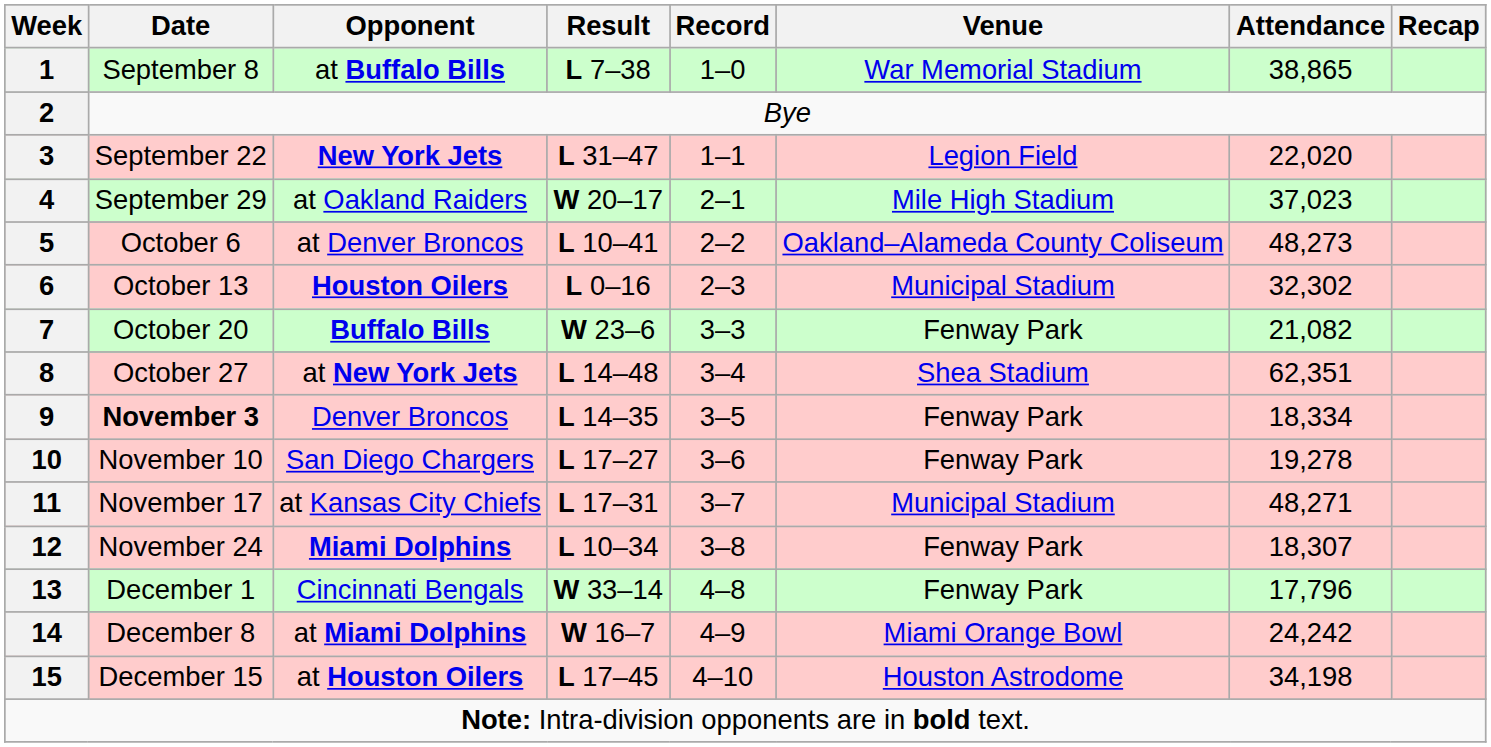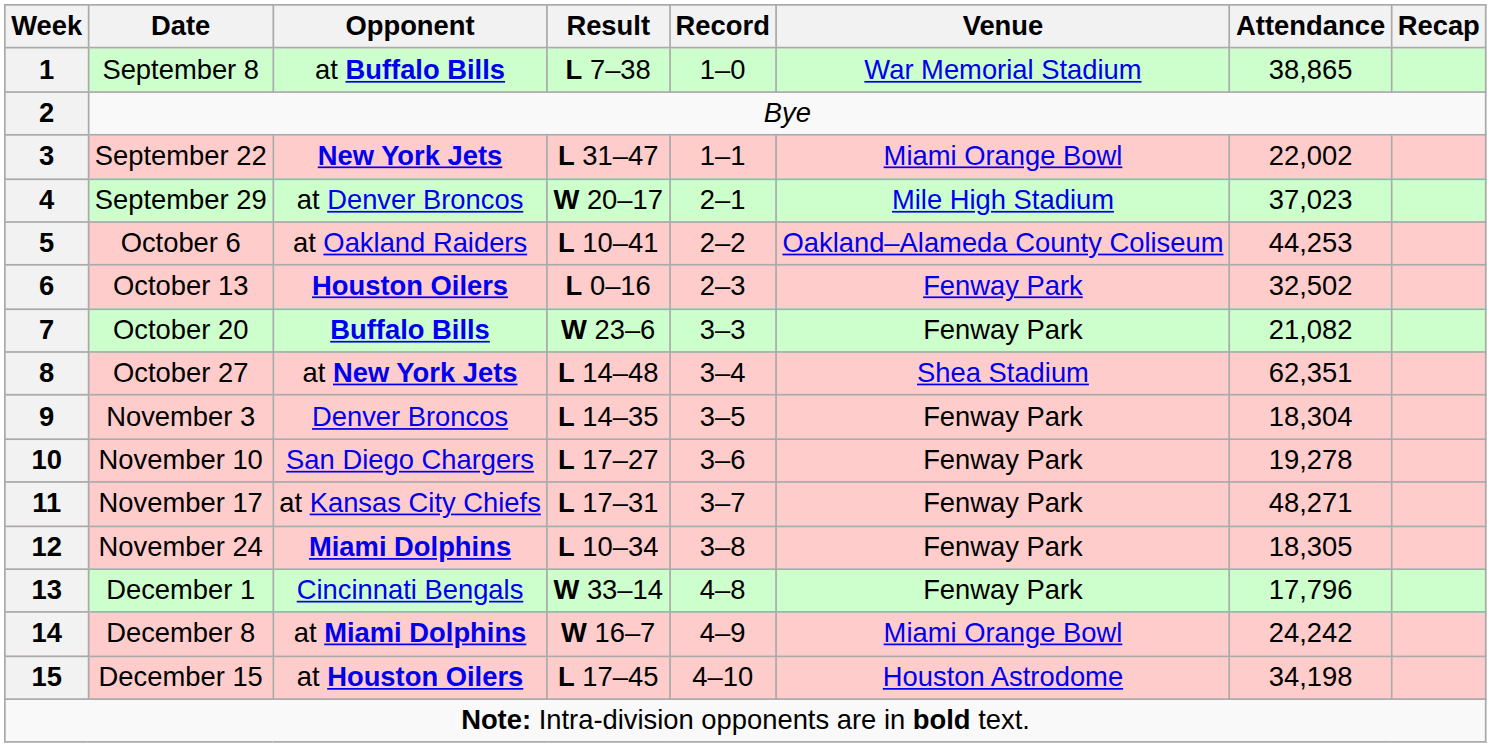 <table class="wikitable" style="text-align:center">
 <tr>
 <th>Week</th>
 <th>Date</th>
 <th>Opponent</th>
 <th>Result</th>
 <th>Record</th>
 <th>Venue</th>
 <th>Attendance</th>
 <th>Recap</th>
 </tr>
 <tr style="background: #cfc;">
 <th>1</th>
 <td>September 8</td>
 <td>at <strong><a href='#'>Buffalo Bills</a></strong></td>
 <td><strong>L</strong> 7–38</td>
 <td>1–0</td>
 <td><a href='#'>War Memorial Stadium</a></td>
 <td>38,865</td>
 <td></td>
 </tr>
 <tr>
 <th>2</th>
 <td colspan="7" align="center"><em>Bye</em></td>
 </tr>
 <tr style="background: #fcc;">
 <th>3</th>
 <td>September 22</td>
 <td><strong><a href='#'>New York Jets</a></strong></td>
 <td><strong>L</strong> 31–47</td>
 <td>1–1</td>
-<td><a href='#'>Legion Field</a></td>
-<td>22,020</td>
+<td><a href='#'>Miami Orange Bowl</a></td>
+<td>22,002</td>
 <td></td>
 </tr>
 <tr style="background: #cfc;">
 <th>4</th>
 <td>September 29</td>
-<td>at <a href='#'>Oakland Raiders</a></td>
+<td>at <a href='#'>Denver Broncos</a></td>
 <td><strong>W</strong> 20–17</td>
 <td>2–1</td>
 <td><a href='#'>Mile High Stadium</a></td>
 <td>37,023</td>
 <td></td>
 </tr>
 <tr style="background: #fcc;">
 <th>5</th>
 <td>October 6</td>
-<td>at <a href='#'>Denver Broncos</a></td>
+<td>at <a href='#'>Oakland Raiders</a></td>
 <td><strong>L</strong> 10–41</td>
 <td>2–2</td>
 <td><a href='#'>Oakland–Alameda County Coliseum</a></td>
-<td>48,273</td>
+<td>44,253</td>
 <td></td>
 </tr>
 <tr style="background: #fcc;">
 <th>6</th>
 <td>October 13</td>
 <td><strong><a href='#'>Houston Oilers</a></strong></td>
 <td><strong>L</strong> 0–16</td>
 <td>2–3</td>
-<td><a href='#'>Municipal Stadium</a></td>
-<td>32,302</td>
+<td><a href='#'>Fenway Park</a></td>
+<td>32,502</td>
 <td></td>
 </tr>
 <tr style="background: #cfc;">
 <th>7</th>
 <td>October 20</td>
 <td><strong><a href='#'>Buffalo Bills</a></strong></td>
 <td><strong>W</strong> 23–6</td>
 <td>3–3</td>
 <td>Fenway Park</td>
 <td>21,082</td>
 <td></td>
 </tr>
 <tr style="background: #fcc;">
 <th>8</th>
 <td>October 27</td>
 <td>at <strong><a href='#'>New York Jets</a></strong></td>
 <td><strong>L</strong> 14–48</td>
 <td>3–4</td>
 <td><a href='#'>Shea Stadium</a></td>
 <td>62,351</td>
 <td></td>
 </tr>
 <tr style="background: #fcc;">
 <th>9</th>
-<td><strong>November 3</strong></td>
+<td>November 3</td>
 <td><a href='#'>Denver Broncos</a></td>
 <td><strong>L</strong> 14–35</td>
 <td>3–5</td>
 <td>Fenway Park</td>
-<td>18,334</td>
+<td>18,304</td>
 <td></td>
 </tr>
 <tr style="background: #fcc;">
 <th>10</th>
 <td>November 10</td>
 <td><a href='#'>San Diego Chargers</a></td>
 <td><strong>L</strong> 17–27</td>
 <td>3–6</td>
 <td>Fenway Park</td>
 <td>19,278</td>
 <td></td>
 </tr>
 <tr style="background: #fcc;">
 <th>11</th>
 <td>November 17</td>
 <td>at <a href='#'>Kansas City Chiefs</a></td>
 <td><strong>L</strong> 17–31</td>
 <td>3–7</td>
-<td><a href='#'>Municipal Stadium</a></td>
+<td>Fenway Park</td>
 <td>48,271</td>
 <td></td>
 </tr>
 <tr style="background: #fcc;">
 <th>12</th>
 <td>November 24</td>
 <td><strong><a href='#'>Miami Dolphins</a></strong></td>
 <td><strong>L</strong> 10–34</td>
 <td>3–8</td>
 <td>Fenway Park</td>
-<td>18,307</td>
+<td>18,305</td>
 <td></td>
 </tr>
 <tr style="background: #cfc;">
 <th>13</th>
 <td>December 1</td>
 <td><a href='#'>Cincinnati Bengals</a></td>
 <td><strong>W</strong> 33–14</td>
 <td>4–8</td>
 <td>Fenway Park</td>
 <td>17,796</td>
 <td></td>
 </tr>
 <tr style="background: #fcc;">
 <th>14</th>
 <td>December 8</td>
 <td>at <strong><a href='#'>Miami Dolphins</a></strong></td>
 <td><strong>W</strong> 16–7</td>
 <td>4–9</td>
 <td><a href='#'>Miami Orange Bowl</a></td>
 <td>24,242</td>
 <td></td>
 </tr>
 <tr style="background: #fcc;">
 <th>15</th>
 <td>December 15</td>
 <td>at <strong><a href='#'>Houston Oilers</a></strong></td>
 <td><strong>L</strong> 17–45</td>
 <td>4–10</td>
 <td><a href='#'>Houston Astrodome</a></td>
 <td>34,198</td>
 <td></td>
 </tr>
 <tr>
 <td colspan="8"><strong>Note:</strong> Intra-division opponents are in <strong>bold</strong> text.</td>
 </tr>
 </table>
